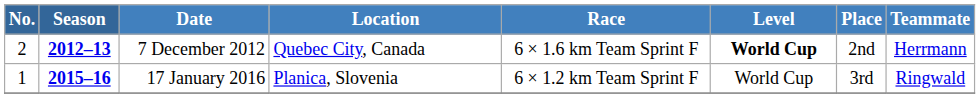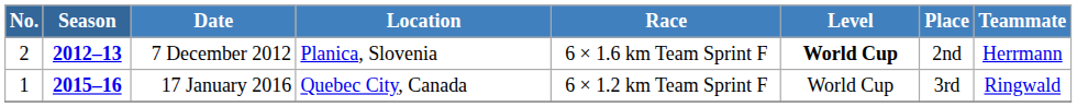 <table class="wikitable sortable" style="font-size:95%; text-align:center; border:grey solid 1px; border-collapse:collapse; background:#ffffff;">
 <tr style="background:#efefef;">
 <th style="background-color:#369; color:white;">No.</th>
 <th style="background-color:#369; color:white;">Season</th>
 <th style="background-color:#4180be; color:white; width:120px;">Date</th>
 <th style="background-color:#4180be; color:white; width:190px;">Location</th>
 <th style="background-color:#4180be; color:white; width:170px;">Race</th>
 <th style="background-color:#4180be; color:white; width:100px;">Level</th>
 <th style="background-color:#4180be; color:white;">Place</th>
 <th style="background-color:#4180be; color:white;">Teammate</th>
 </tr>
 <tr>
 <td align=center>2</td>
 <td rowspan=1 align=center><strong> <a href='#'>2012–13</a> </strong></td>
 <td align=right>7 December 2012</td>
-<td align=left> <a href='#'>Quebec City</a>, Canada</td>
+<td align=left> <a href='#'>Planica</a>, Slovenia</td>
 <td>6 × 1.6 km Team Sprint F</td>
 <td><strong>World Cup</strong></td>
 <td>2nd</td>
 <td><a href='#'>Herrmann</a></td>
 </tr>
 <tr>
 <td align=center>1</td>
 <td rowspan=1 align=center><strong> <a href='#'>2015–16</a> </strong></td>
 <td align=right>17 January 2016</td>
-<td align=left> <a href='#'>Planica</a>, Slovenia</td>
+<td align=left> <a href='#'>Quebec City</a>, Canada</td>
 <td>6 × 1.2 km Team Sprint F</td>
 <td>World Cup</td>
 <td>3rd</td>
 <td><a href='#'>Ringwald</a></td>
 </tr>
 <tr>
 </tr>
 </table>
